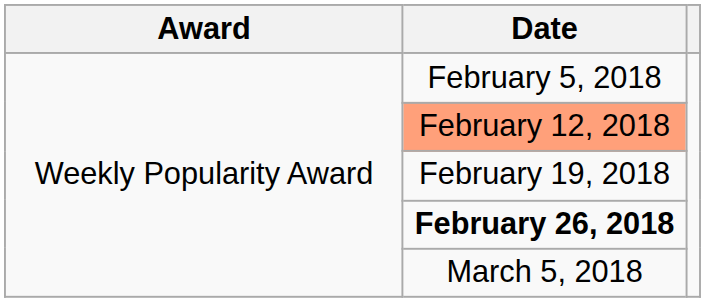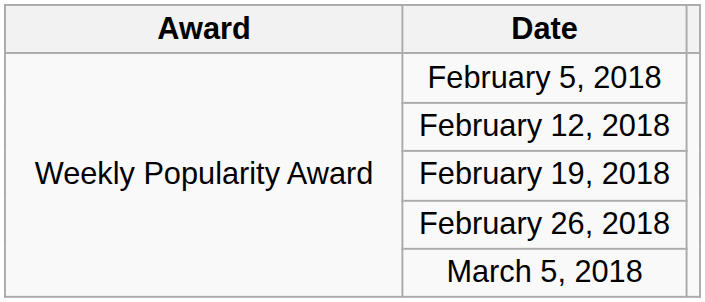 <table class="wikitable" style="table-layout: fixed; margin-right:0; text-align:center">
 <tr>
 <th width="200">Award</th>
 <th width="140">Date</th>
 <th></th>
 </tr>
 <tr>
 <td rowspan="5" align="center">Weekly Popularity Award</td>
 <td align="center">February 5, 2018</td>
 <td rowspan="5" align="center"></td>
 </tr>
 <tr>
-<td align="center" style="background: lightsalmon;">February 12, 2018</td>
+<td align="center">February 12, 2018</td>
 </tr>
 <tr>
 <td align="center">February 19, 2018</td>
 </tr>
 <tr>
-<td align="center"><strong>February 26, 2018</strong></td>
+<td align="center">February 26, 2018</td>
 </tr>
 <tr>
 <td align="center">March 5, 2018</td>
 </tr>
 </table>
